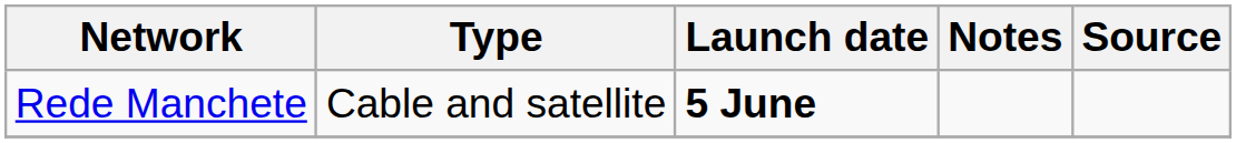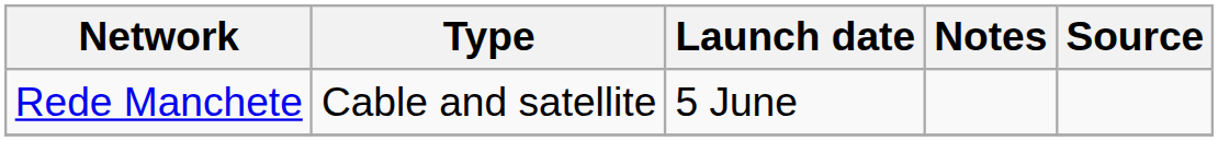 <table class="wikitable sortable">
 <tr>
 <th>Network</th>
 <th>Type</th>
 <th>Launch date</th>
 <th>Notes</th>
 <th>Source</th>
 </tr>
 <tr>
 <td><a href='#'>Rede Manchete</a></td>
 <td>Cable and satellite</td>
-<td><strong>5 June</strong></td>
+<td>5 June</td>
 <td></td>
 <td></td>
 </tr>
 <tr>
 </tr>
 </table>
